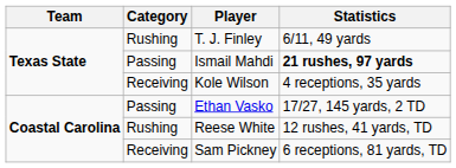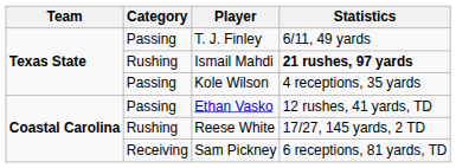 <table class="wikitable" style="float: right;">
 <tr>
 <th>Team</th>
 <th>Category</th>
 <th>Player</th>
 <th>Statistics</th>
 </tr>
 <tr>
 <td rowspan=3><strong>Texas State</strong></td>
-<td>Rushing</td>
+<td>Passing</td>
 <td>T. J. Finley</td>
 <td>6/11, 49 yards</td>
 </tr>
 <tr>
-<td>Passing</td>
+<td>Rushing</td>
 <td>Ismail Mahdi</td>
 <td><strong>21 rushes, 97 yards</strong></td>
 </tr>
 <tr>
-<td>Receiving</td>
+<td>Passing</td>
 <td>Kole Wilson</td>
 <td>4 receptions, 35 yards</td>
 </tr>
 <tr>
 <td rowspan=3><strong>Coastal Carolina</strong></td>
 <td>Passing</td>
 <td><a href='#'>Ethan Vasko</a></td>
-<td>17/27, 145 yards, 2 TD</td>
+<td>12 rushes, 41 yards, TD</td>
 </tr>
 <tr>
 <td>Rushing</td>
 <td>Reese White</td>
-<td>12 rushes, 41 yards, TD</td>
+<td>17/27, 145 yards, 2 TD</td>
 </tr>
 <tr>
 <td>Receiving</td>
 <td>Sam Pickney</td>
 <td>6 receptions, 81 yards, TD</td>
 </tr>
 </table>
